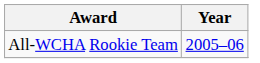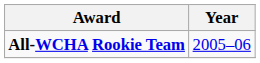 <table class="wikitable">
 <tr>
 <th>Award</th>
 <th>Year</th>
 </tr>
 <tr>
-<td>All-<a href='#'>WCHA</a> <a href='#'>Rookie Team</a></td>
+<td><strong>All-<a href='#'>WCHA</a> <a href='#'>Rookie Team</a></strong></td>
 <td><a href='#'>2005–06</a></td>
 </tr>
 <tr>
 </tr>
 </table>
